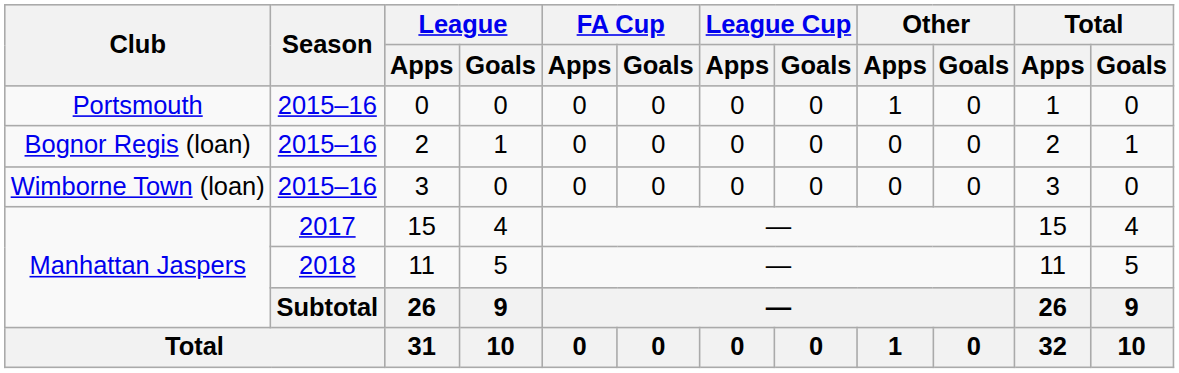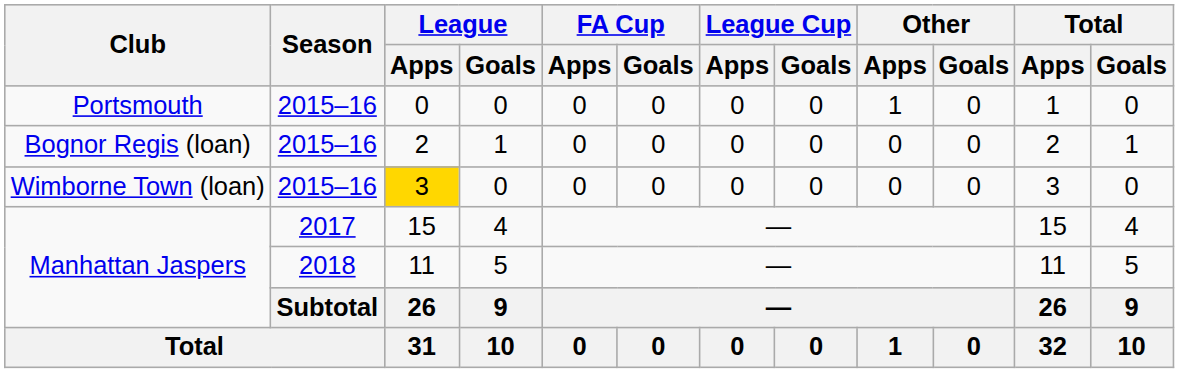 <table class="wikitable" style="text-align: center;">
 <tr>
 <th rowspan="2">Club</th>
 <th rowspan="2">Season</th>
 <th colspan="2"><a href='#'>League</a></th>
 <th colspan="2"><a href='#'>FA Cup</a></th>
 <th colspan="2"><a href='#'>League Cup</a></th>
 <th colspan="2">Other</th>
 <th colspan="2">Total</th>
 </tr>
 <tr>
 <th>Apps</th>
 <th>Goals</th>
 <th>Apps</th>
 <th>Goals</th>
 <th>Apps</th>
 <th>Goals</th>
 <th>Apps</th>
 <th>Goals</th>
 <th>Apps</th>
 <th>Goals</th>
 </tr>
 <tr>
 <td rowspan="1" valign="center"><a href='#'>Portsmouth</a></td>
 <td><a href='#'>2015–16</a></td>
 <td>0</td>
 <td>0</td>
 <td>0</td>
 <td>0</td>
 <td>0</td>
 <td>0</td>
 <td>1</td>
 <td>0</td>
 <td>1</td>
 <td>0</td>
 </tr>
 <tr>
 <td rowspan="1" valign="center"><a href='#'>Bognor Regis</a> (loan)</td>
 <td><a href='#'>2015–16</a></td>
 <td>2</td>
 <td>1</td>
 <td>0</td>
 <td>0</td>
 <td>0</td>
 <td>0</td>
 <td>0</td>
 <td>0</td>
 <td>2</td>
 <td>1</td>
 </tr>
 <tr>
 <td rowspan="1" valign="center"><a href='#'>Wimborne Town</a> (loan)</td>
 <td><a href='#'>2015–16</a></td>
-<td>3</td>
+<td style="background: gold;">3</td>
 <td>0</td>
 <td>0</td>
 <td>0</td>
 <td>0</td>
 <td>0</td>
 <td>0</td>
 <td>0</td>
 <td>3</td>
 <td>0</td>
 </tr>
 <tr>
 <td rowspan="3" valign="center"><a href='#'>Manhattan Jaspers</a></td>
 <td><a href='#'>2017</a></td>
 <td>15</td>
 <td>4</td>
 <td colspan="6">—</td>
 <td>15</td>
 <td>4</td>
 </tr>
 <tr>
 <td><a href='#'>2018</a></td>
 <td>11</td>
 <td>5</td>
 <td colspan="6">—</td>
 <td>11</td>
 <td>5</td>
 </tr>
 <tr>
 <th>Subtotal</th>
 <th>26</th>
 <th>9</th>
 <th colspan="6">—</th>
 <th>26</th>
 <th>9</th>
 </tr>
 <tr>
 <th colspan="2">Total</th>
 <th>31</th>
 <th>10</th>
 <th>0</th>
 <th>0</th>
 <th>0</th>
 <th>0</th>
 <th>1</th>
 <th>0</th>
 <th>32</th>
 <th>10</th>
 </tr>
 </table>
